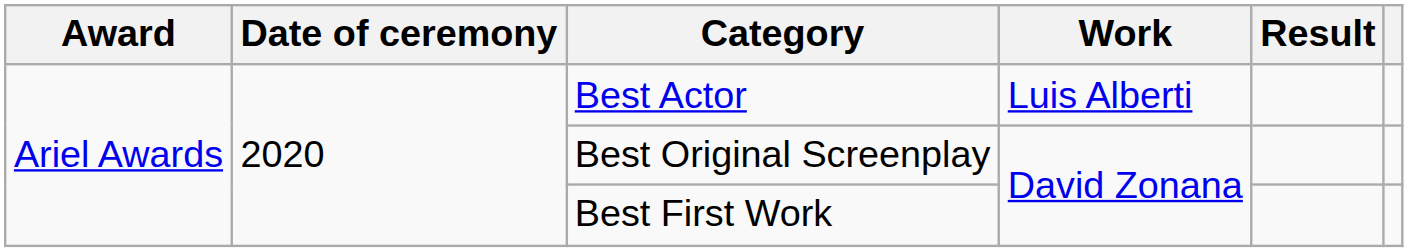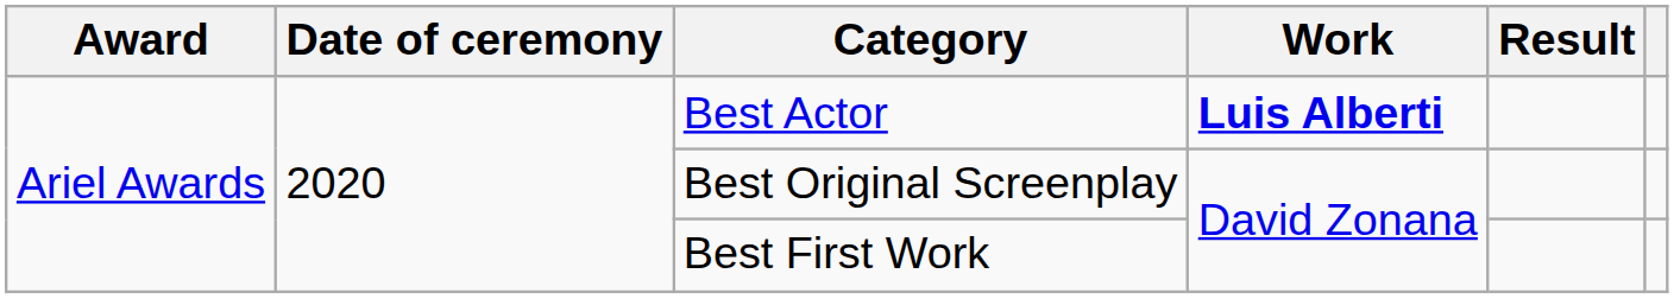 <table class="wikitable sortable plainrowheaders">
 <tr>
 <th scope="col">Award</th>
 <th scope="col">Date of ceremony</th>
 <th scope="col">Category</th>
 <th scope="col">Work</th>
 <th scope="col">Result</th>
 <th scope="col" class="unsortable"></th>
 </tr>
 <tr>
 <td rowspan=3><a href='#'>Ariel Awards</a></td>
 <td rowspan=3>2020</td>
 <td><a href='#'>Best Actor</a></td>
-<td><a href='#'>Luis Alberti</a></td>
+<td><strong><a href='#'>Luis Alberti</a></strong></td>
 <td></td>
 <td></td>
 </tr>
 <tr>
 <td>Best Original Screenplay</td>
 <td rowspan=2><a href='#'>David Zonana</a></td>
 <td></td>
 <td></td>
 </tr>
 <tr>
 <td>Best First Work</td>
 <td></td>
 <td></td>
 </tr>
 </table>
